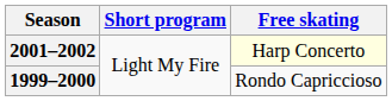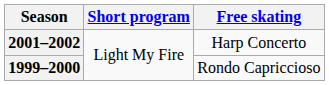 <table class="wikitable" style="text-align:center">
 <tr>
 <th>Season</th>
 <th><a href='#'>Short program</a></th>
 <th><a href='#'>Free skating</a></th>
 </tr>
 <tr>
 <th>2001–2002</th>
 <td rowspan=2>Light My Fire <br></td>
-<td style="background: lightyellow;">Harp Concerto <br></td>
+<td>Harp Concerto <br></td>
 </tr>
 <tr>
 <th>1999–2000</th>
 <td>Rondo Capriccioso <br></td>
 </tr>
 </table>
